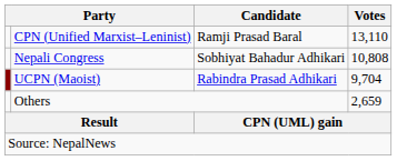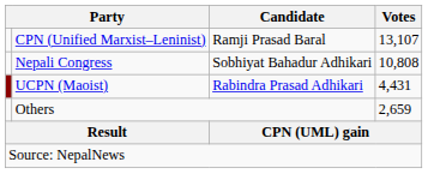 <table class="wikitable">
 <tr>
 <th colspan="2">Party</th>
 <th>Candidate</th>
 <th>Votes</th>
 </tr>
 <tr>
 <td style="background-color:"></td>
 <td><a href='#'>CPN (Unified Marxist–Leninist)</a></td>
 <td>Ramji Prasad Baral</td>
-<td>13,110</td>
+<td>13,107</td>
 </tr>
 <tr>
 <td style="background-color:"></td>
 <td><a href='#'>Nepali Congress</a></td>
 <td>Sobhiyat Bahadur Adhikari</td>
 <td>10,808</td>
 </tr>
 <tr>
 <td style="background-color:darkred"></td>
 <td><a href='#'>UCPN (Maoist)</a></td>
 <td><a href='#'>Rabindra Prasad Adhikari</a></td>
-<td>9,704</td>
+<td>4,431</td>
 </tr>
 <tr>
 <td></td>
 <td colspan="2">Others</td>
 <td>2,659</td>
 </tr>
 <tr>
 <th colspan="2">Result</th>
 <th colspan="2">CPN (UML) gain</th>
 </tr>
 <tr>
 <td colspan="4">Source: NepalNews</td>
 </tr>
 </table>
